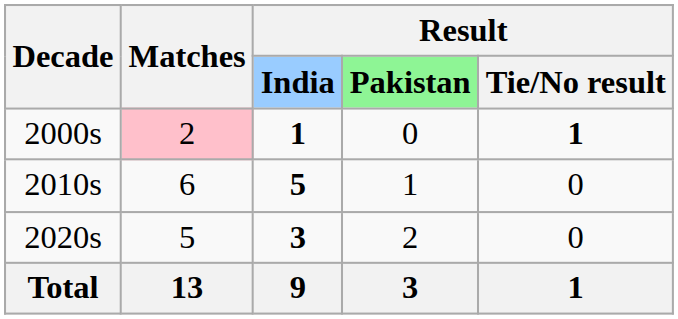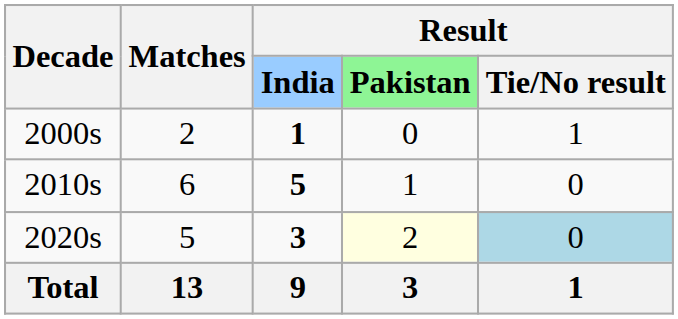 <table class="wikitable">
 <tr>
 <th rowspan=2>Decade</th>
 <th rowspan=2>Matches</th>
 <th colspan=3>Result</th>
 </tr>
 <tr>
 <th style="background:#99ccff;">India</th>
 <th style="background:#8ef595;">Pakistan</th>
 <th>Tie/No result</th>
 </tr>
 <tr>
 <td align="center">2000s</td>
-<td align="center" style="background: pink;">2</td>
+<td align="center">2</td>
 <td align="center"><strong>1</strong></td>
 <td align="center">0</td>
-<td align="center"><strong>1</strong></td>
+<td align="center">1</td>
 </tr>
 <tr>
 <td align="center">2010s</td>
 <td align="center">6</td>
 <td align="center"><strong>5</strong></td>
 <td align="center">1</td>
 <td align="center">0</td>
 </tr>
 <tr>
 <td align="center">2020s</td>
 <td align="center">5</td>
 <td align="center"><strong>3</strong></td>
-<td align="center">2</td>
-<td align="center">0</td>
+<td align="center" style="background: lightyellow;">2</td>
+<td align="center" style="background: lightblue;">0</td>
 </tr>
 <tr>
 <th>Total</th>
 <th>13</th>
 <th>9</th>
 <th>3</th>
 <th>1</th>
 </tr>
 </table>
